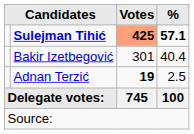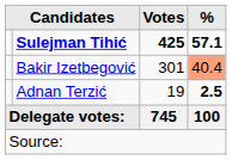 <table class="wikitable">
 <tr>
 <th style="background:#e9e9e9; text-align:center;" colspan="2">Candidates</th>
 <th style="background:#e9e9e9; text-align:center;">Votes</th>
 <th style="background:#e9e9e9; text-align:center;">%</th>
 </tr>
 <tr>
 <td style="background:"></td>
 <td style="text-align:left;"><strong><a href='#'>Sulejman Tihić</a></strong></td>
-<td style="background: lightsalmon; text-align:right;"><strong>425</strong></td>
+<td style="text-align:right;"><strong>425</strong></td>
 <td style="text-align:right;"><strong>57.1</strong></td>
 </tr>
 <tr>
 <td style="background:"></td>
 <td style="text-align:left;"><a href='#'>Bakir Izetbegović</a></td>
 <td style="text-align:right;">301</td>
-<td style="text-align:right;">40.4</td>
+<td style="background: lightsalmon; text-align:right;">40.4</td>
 </tr>
 <tr>
 <td style="background:"></td>
 <td style="text-align:left;"><a href='#'>Adnan Terzić</a></td>
-<td style="text-align:right;"><strong>19</strong></td>
-<td style="text-align:right;">2.5</td>
+<td style="text-align:right;">19</td>
+<td style="text-align:right;"><strong>2.5</strong></td>
 </tr>
 <tr style="background:#e9e9e9;">
 <td style="text-align:left;" colspan="2"><strong>Delegate votes:</strong></td>
 <th align= right>745</th>
 <th align= right>100</th>
 </tr>
 <tr>
 <td style="text-align:left;" colspan="7">Source: </td>
 </tr>
 </table>
